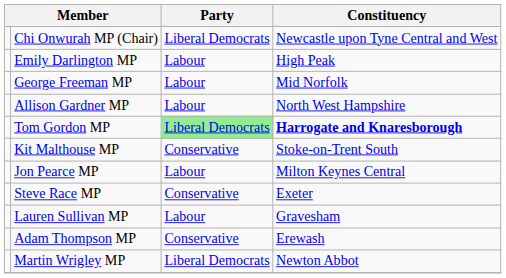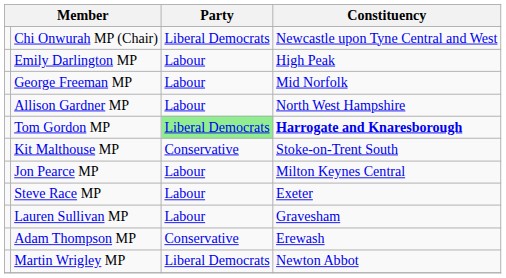 <table class="wikitable">
 <tr>
 <th colspan="2" valign="top">Member</th>
 <th valign="top">Party</th>
 <th valign="top">Constituency</th>
 </tr>
 <tr>
 <td style="color:inherit;background:"></td>
 <td><a href='#'>Chi Onwurah</a> MP (Chair)</td>
 <td><a href='#'>Liberal Democrats</a></td>
 <td><a href='#'>Newcastle upon Tyne Central and West</a></td>
 </tr>
 <tr>
 <td style="color:inherit;background:"></td>
 <td><a href='#'>Emily Darlington</a> MP</td>
 <td><a href='#'>Labour</a></td>
 <td><a href='#'>High Peak</a></td>
 </tr>
 <tr>
 <td style="color:inherit;background:"></td>
 <td><a href='#'>George Freeman</a> MP</td>
 <td><a href='#'>Labour</a></td>
 <td><a href='#'>Mid Norfolk</a></td>
 </tr>
 <tr>
 <td style="color:inherit;background:"></td>
 <td><a href='#'>Allison Gardner</a> MP</td>
 <td><a href='#'>Labour</a></td>
 <td><a href='#'>North West Hampshire</a></td>
 </tr>
 <tr>
 <td style="color:inherit;background:"></td>
 <td><a href='#'>Tom Gordon</a> MP</td>
 <td style="background: lightgreen;"><a href='#'>Liberal Democrats</a></td>
 <td><strong><a href='#'>Harrogate and Knaresborough</a></strong></td>
 </tr>
 <tr>
 <td style="color:inherit;background:"></td>
 <td><a href='#'>Kit Malthouse</a> MP</td>
 <td><a href='#'>Conservative</a></td>
 <td><a href='#'>Stoke-on-Trent South</a></td>
 </tr>
 <tr>
 <td style="color:inherit;background:"></td>
 <td><a href='#'>Jon Pearce</a> MP</td>
 <td><a href='#'>Labour</a></td>
 <td><a href='#'>Milton Keynes Central</a></td>
 </tr>
 <tr>
 <td style="color:inherit;background:"></td>
 <td><a href='#'>Steve Race</a> MP</td>
-<td><a href='#'>Conservative</a></td>
+<td><a href='#'>Labour</a></td>
 <td><a href='#'>Exeter</a></td>
 </tr>
 <tr>
 <td style="color:inherit;background:"></td>
 <td><a href='#'>Lauren Sullivan</a> MP</td>
 <td><a href='#'>Labour</a></td>
 <td><a href='#'>Gravesham</a></td>
 </tr>
 <tr>
 <td style="color:inherit;background:"></td>
 <td><a href='#'>Adam Thompson</a> MP</td>
 <td><a href='#'>Conservative</a></td>
 <td><a href='#'>Erewash</a></td>
 </tr>
 <tr>
 <td style="color:inherit;background:"></td>
 <td><a href='#'>Martin Wrigley</a> MP</td>
 <td><a href='#'>Liberal Democrats</a></td>
 <td><a href='#'>Newton Abbot</a></td>
 </tr>
 <tr>
 </tr>
 </table>
